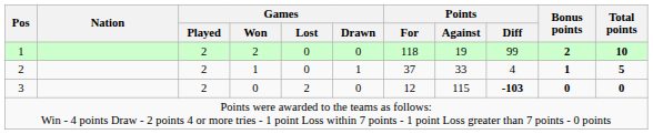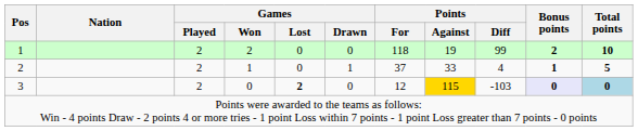 <table class="wikitable" style="text-align:center">
 <tr>
 <th rowspan="2" style="width:5%;">Pos</th>
 <th rowspan="2" style="width:22%;">Nation</th>
 <th colspan="4" style="width:32%;">Games</th>
 <th colspan="3" style="width:32%;">Points</th>
 <th rowspan="2" style="width:9%;">Bonus<br>points</th>
 <th rowspan="2" style="width:9%;">Total<br>points</th>
 </tr>
 <tr>
 <th style="width:8%;">Played</th>
 <th style="width:8%;">Won</th>
 <th style="width:8%;">Lost</th>
 <th style="width:8%;">Drawn</th>
 <th style="width:8%;">For</th>
 <th style="width:8%;">Against</th>
 <th style="width:8%;">Diff</th>
 </tr>
 <tr bgcolor="#ccffcc">
 <td>1</td>
 <td align="left"></td>
 <td>2</td>
 <td>2</td>
 <td>0</td>
 <td>0</td>
 <td>118</td>
 <td>19</td>
 <td>99</td>
 <td><strong>2</strong></td>
 <td><strong>10</strong></td>
 </tr>
 <tr>
 <td>2</td>
 <td align="left"></td>
 <td>2</td>
 <td>1</td>
 <td>0</td>
 <td>1</td>
 <td>37</td>
 <td>33</td>
 <td>4</td>
 <td><strong>1</strong></td>
 <td><strong>5</strong></td>
 </tr>
 <tr>
 <td>3</td>
 <td align="left"></td>
 <td>2</td>
 <td>0</td>
-<td>2</td>
+<td><strong>2</strong></td>
 <td>0</td>
 <td>12</td>
-<td>115</td>
-<td><strong>-103</strong></td>
-<td><strong>0</strong></td>
-<td><strong>0</strong></td>
+<td style="background: gold;">115</td>
+<td>-103</td>
+<td style="background: lavender;"><strong>0</strong></td>
+<td style="background: lightblue;"><strong>0</strong></td>
 </tr>
 <tr>
 <td colspan="100%" style="text-align:center;">Points were awarded to the teams as follows:<br>Win - 4 points Draw - 2 points 4 or more tries - 1 point Loss within 7 points - 1 point Loss greater than 7 points - 0 points</td>
 </tr>
 </table>
